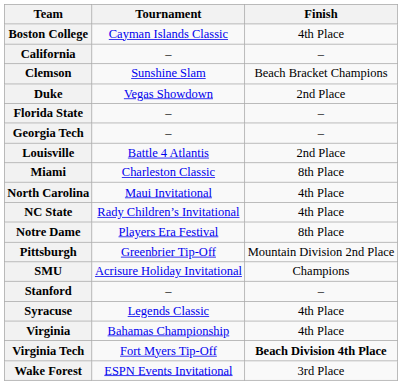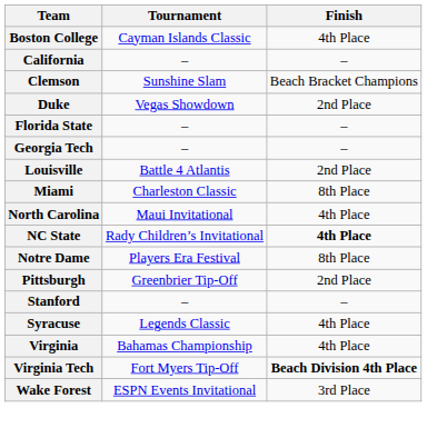 <table class="wikitable">
 <tr>
 <th>Team</th>
 <th>Tournament</th>
 <th>Finish</th>
 </tr>
 <tr style="text-align:center;">
 <th>Boston College</th>
 <td><a href='#'>Cayman Islands Classic</a></td>
 <td>4th Place</td>
 </tr>
 <tr style="text-align:center;">
 <th>California</th>
 <td>–</td>
 <td>–</td>
 </tr>
 <tr style="text-align:center;">
 <th>Clemson</th>
 <td><a href='#'>Sunshine Slam</a></td>
 <td>Beach Bracket Champions</td>
 </tr>
 <tr style="text-align:center;">
 <th>Duke</th>
 <td><a href='#'>Vegas Showdown</a></td>
 <td>2nd Place</td>
 </tr>
 <tr style="text-align:center;">
 <th>Florida State</th>
 <td>–</td>
 <td>–</td>
 </tr>
 <tr style="text-align:center;">
 <th>Georgia Tech</th>
 <td>–</td>
 <td>–</td>
 </tr>
 <tr style="text-align:center;">
 <th>Louisville</th>
 <td><a href='#'>Battle 4 Atlantis</a></td>
 <td>2nd Place</td>
 </tr>
 <tr style="text-align:center;">
 <th>Miami</th>
 <td><a href='#'>Charleston Classic</a></td>
 <td>8th Place</td>
 </tr>
 <tr style="text-align:center;">
 <th>North Carolina</th>
 <td><a href='#'>Maui Invitational</a></td>
 <td>4th Place</td>
 </tr>
 <tr style="text-align:center;">
 <th>NC State</th>
 <td><a href='#'>Rady Children’s Invitational</a></td>
-<td>4th Place</td>
+<td><strong>4th Place</strong></td>
 </tr>
 <tr style="text-align:center;">
 <th>Notre Dame</th>
 <td><a href='#'>Players Era Festival</a></td>
 <td>8th Place</td>
 </tr>
 <tr style="text-align:center;">
 <th>Pittsburgh</th>
 <td><a href='#'>Greenbrier Tip-Off</a></td>
-<td>Mountain Division 2nd Place</td>
-</tr>
-<tr style="text-align:center;">
-<th>SMU</th>
-<td><a href='#'>Acrisure Holiday Invitational</a></td>
-<td>Champions</td>
+<td>2nd Place</td>
 </tr>
 <tr style="text-align:center;">
 <th>Stanford</th>
 <td>–</td>
 <td>–</td>
 </tr>
 <tr style="text-align:center;">
 <th>Syracuse</th>
 <td><a href='#'>Legends Classic</a></td>
 <td>4th Place</td>
 </tr>
 <tr style="text-align:center;">
 <th>Virginia</th>
 <td><a href='#'>Bahamas Championship</a></td>
 <td>4th Place</td>
 </tr>
 <tr style="text-align:center;">
 <th>Virginia Tech</th>
 <td><a href='#'>Fort Myers Tip-Off</a></td>
 <td><strong>Beach Division 4th Place</strong></td>
 </tr>
 <tr style="text-align:center;">
 <th>Wake Forest</th>
 <td><a href='#'>ESPN Events Invitational</a></td>
 <td>3rd Place</td>
 </tr>
 </table>
